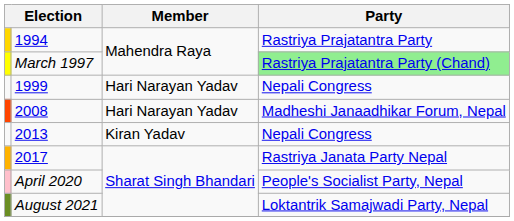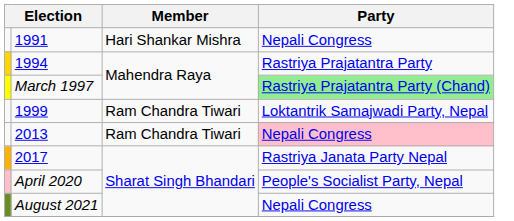 <table class="wikitable">
 <tr>
 <th colspan="2">Election</th>
 <th>Member</th>
 <th>Party</th>
+</tr>
+<tr>
+<td style="background-color:"></td>
+<td><a href='#'>1991</a></td>
+<td>Hari Shankar Mishra</td>
+<td><a href='#'>Nepali Congress</a></td>
 </tr>
 <tr>
 <td style="background-color:gold"></td>
 <td><a href='#'>1994</a></td>
 <td rowspan="2">Mahendra Raya</td>
 <td><a href='#'>Rastriya Prajatantra Party</a></td>
 </tr>
 <tr>
 <td style="background-color:yellow"></td>
 <td><em>March 1997</em></td>
 <td style="background: lightgreen;"><a href='#'>Rastriya Prajatantra Party (Chand)</a></td>
 </tr>
 <tr>
 <td style="background-color:"></td>
 <td><a href='#'>1999</a></td>
-<td>Hari Narayan Yadav</td>
-<td><a href='#'>Nepali Congress</a></td>
-</tr>
-<tr>
-<td style="background-color:orangered"></td>
-<td><a href='#'>2008</a></td>
-<td>Hari Narayan Yadav</td>
-<td><a href='#'>Madheshi Janaadhikar Forum, Nepal</a></td>
+<td>Ram Chandra Tiwari</td>
+<td><a href='#'>Loktantrik Samajwadi Party, Nepal</a></td>
 </tr>
 <tr>
 <td style="background-color:"></td>
 <td><a href='#'>2013</a></td>
-<td>Kiran Yadav</td>
-<td><a href='#'>Nepali Congress</a></td>
+<td>Ram Chandra Tiwari</td>
+<td style="background: pink;"><a href='#'>Nepali Congress</a></td>
 </tr>
 <tr>
 <td style="background-color:#ffb300"></td>
 <td><a href='#'>2017</a></td>
 <td rowspan="3"><a href='#'>Sharat Singh Bhandari</a></td>
 <td><a href='#'>Rastriya Janata Party Nepal</a></td>
 </tr>
 <tr>
 <td style="background-color:pink"></td>
 <td><em>April 2020</em></td>
 <td><a href='#'>People's Socialist Party, Nepal</a></td>
 </tr>
 <tr>
 <td style="background-color:olivedrab"></td>
 <td><em>August 2021</em></td>
-<td><a href='#'>Loktantrik Samajwadi Party, Nepal</a></td>
+<td><a href='#'>Nepali Congress</a></td>
 </tr>
 <tr>
 </tr>
 </table>
